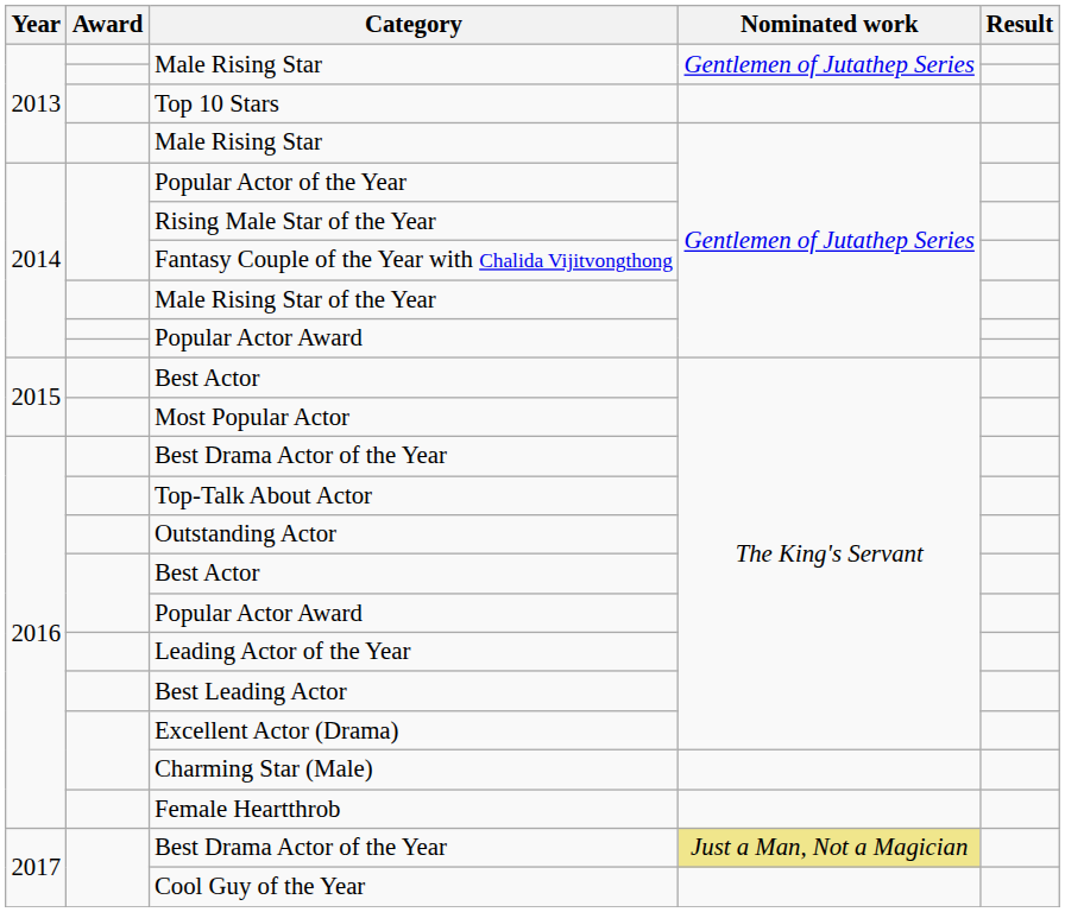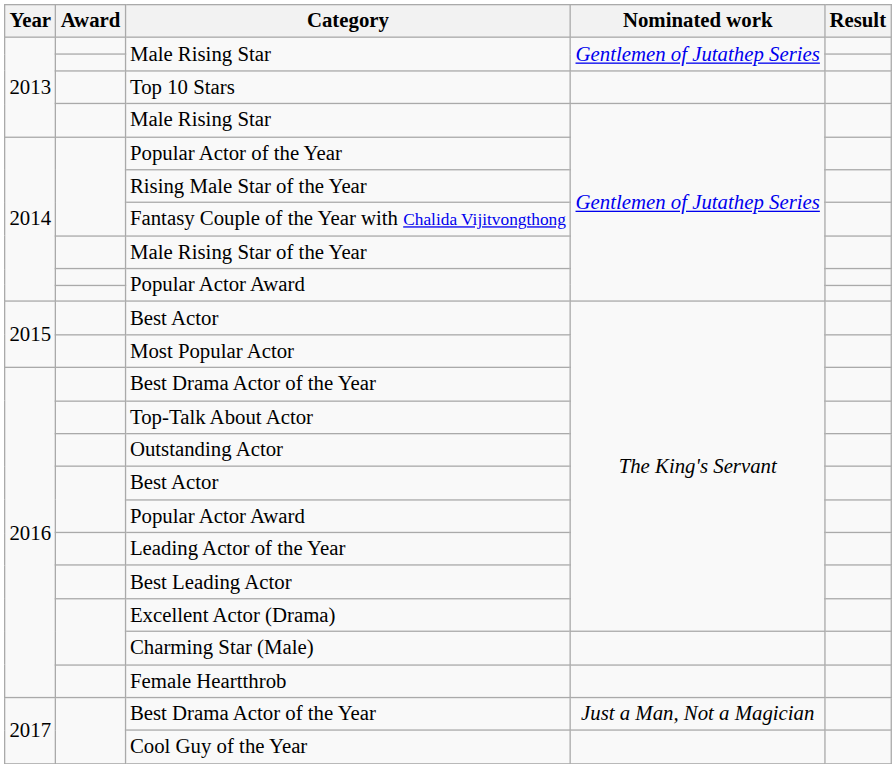 <table class="wikitable">
 <tr style="text-align:center;">
 <th>Year</th>
 <th>Award</th>
 <th>Category</th>
 <th>Nominated work</th>
 <th>Result</th>
 </tr>
 <tr>
 <td rowspan="4">2013</td>
 <td></td>
 <td rowspan="2">Male Rising Star</td>
 <td rowspan="2" style="text-align:center;"><em><a href='#'>Gentlemen of Jutathep Series</a></em></td>
 <td></td>
 </tr>
 <tr>
 <td></td>
 <td></td>
 </tr>
 <tr>
 <td></td>
 <td>Top 10 Stars</td>
 <td></td>
 <td></td>
 </tr>
 <tr>
 <td></td>
 <td>Male Rising Star</td>
 <td rowspan="7" style="text-align:center;"><em><a href='#'>Gentlemen of Jutathep Series</a></em></td>
 <td></td>
 </tr>
 <tr>
 <td rowspan="6">2014</td>
 <td rowspan="3"></td>
 <td>Popular Actor of the Year</td>
 <td></td>
 </tr>
 <tr>
 <td>Rising Male Star of the Year</td>
 <td></td>
 </tr>
 <tr>
 <td>Fantasy Couple of the Year with <small><a href='#'>Chalida Vijitvongthong</a></small></td>
 <td></td>
 </tr>
 <tr>
 <td></td>
 <td>Male Rising Star of the Year</td>
 <td></td>
 </tr>
 <tr>
 <td></td>
 <td rowspan="2">Popular Actor Award</td>
 <td></td>
 </tr>
 <tr>
 <td></td>
 <td></td>
 </tr>
 <tr>
 <td rowspan="2">2015</td>
 <td></td>
 <td>Best Actor</td>
 <td rowspan="10" style="text-align:center;"><em>The King's Servant</em></td>
 <td></td>
 </tr>
 <tr>
 <td></td>
 <td>Most Popular Actor</td>
 <td></td>
 </tr>
 <tr>
 <td rowspan="10">2016</td>
 <td></td>
 <td>Best Drama Actor of the Year</td>
 <td></td>
 </tr>
 <tr>
 <td></td>
 <td>Top-Talk About Actor</td>
 <td></td>
 </tr>
 <tr>
 <td></td>
 <td>Outstanding Actor</td>
 <td></td>
 </tr>
 <tr>
 <td rowspan="2"></td>
 <td>Best Actor</td>
 <td></td>
 </tr>
 <tr>
 <td>Popular Actor Award</td>
 <td></td>
 </tr>
 <tr>
 <td></td>
 <td>Leading Actor of the Year</td>
 <td></td>
 </tr>
 <tr>
 <td></td>
 <td>Best Leading Actor</td>
 <td></td>
 </tr>
 <tr>
 <td rowspan="2"></td>
 <td>Excellent Actor (Drama)</td>
 <td></td>
 </tr>
 <tr>
 <td>Charming Star (Male)</td>
 <td></td>
 <td></td>
 </tr>
 <tr>
 <td></td>
 <td>Female Heartthrob</td>
 <td></td>
 <td></td>
 </tr>
 <tr>
 <td rowspan="2">2017</td>
 <td rowspan="2"></td>
 <td>Best Drama Actor of the Year</td>
-<td style="background: khaki; text-align:center;"><em>Just a Man, Not a Magician</em></td>
+<td style="text-align:center;"><em>Just a Man, Not a Magician</em></td>
 <td></td>
 </tr>
 <tr>
 <td>Cool Guy of the Year</td>
 <td></td>
 <td></td>
 </tr>
 </table>
